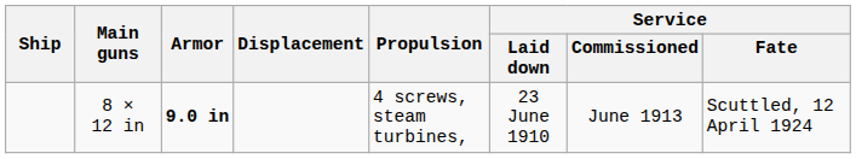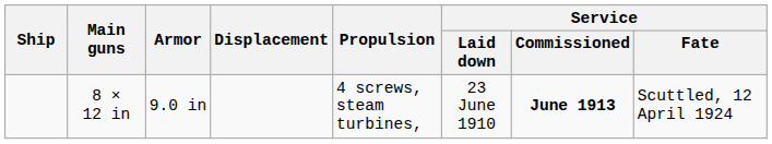 <table class="wikitable" style="width: 100%;">
 <tr valign="center" |- valign="center">
 <th width="10%" align="center" rowspan="2">Ship</th>
 <th width="13%" align="center" rowspan="2">Main guns</th>
 <th width="8%" align="center" rowspan="2">Armor</th>
 <th width="10%" align="center" rowspan="2">Displacement</th>
 <th width="15%" align="center" rowspan="2">Propulsion</th>
 <th width="30%" align="center" colspan="3">Service</th>
 </tr>
 <tr valign="top">
 <th width="12%" align="center">Laid down</th>
 <th width="10%" align="center">Commissioned</th>
 <th width="30%" align="center">Fate</th>
 </tr>
 <tr valign="center">
 <td align="left"></td>
 <td align="center">8 × 12 in</td>
-<td align="center"><strong>9.0 in</strong></td>
+<td align="center">9.0 in</td>
 <td align="center"></td>
 <td align="left">4 screws, steam turbines, </td>
 <td align="center">23 June 1910</td>
-<td align="center">June 1913</td>
+<td align="center"><strong>June 1913</strong></td>
 <td align="left">Scuttled, 12 April 1924</td>
 </tr>
 </table>
